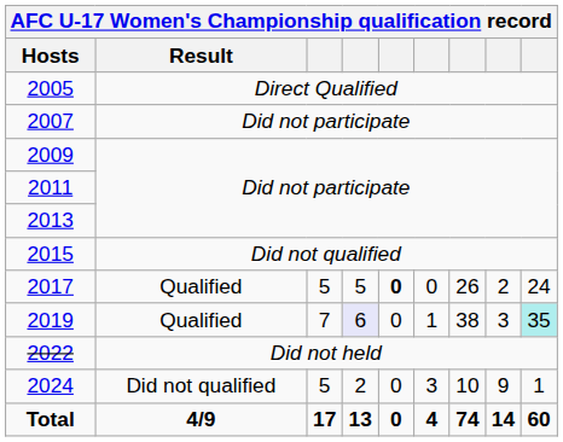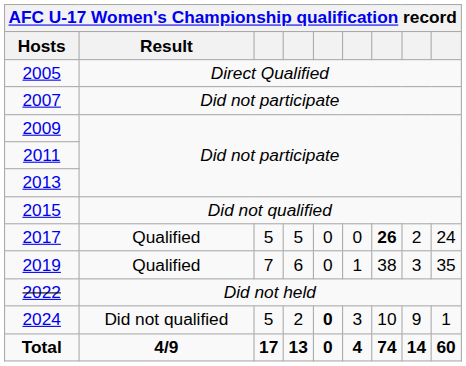 <table class="wikitable" style="text-align: center;">
 <tr>
 <th colspan=9><a href='#'>AFC U-17 Women's Championship qualification</a> record</th>
 </tr>
 <tr>
 <th>Hosts</th>
 <th>Result</th>
 <th width=20></th>
 <th width=20></th>
 <th width=20></th>
 <th width=20></th>
 <th width=20></th>
 <th width=20></th>
 <th width=20></th>
 </tr>
 <tr>
 <td> <a href='#'>2005</a></td>
 <td colspan=10><em>Direct Qualified</em></td>
 </tr>
 <tr>
 <td> <a href='#'>2007</a></td>
 <td colspan=8><em>Did not participate</em></td>
 </tr>
 <tr>
 <td> <a href='#'>2009</a></td>
 <td rowspan=3 colspan=8><em>Did not participate</em></td>
 </tr>
 <tr>
 <td> <a href='#'>2011</a></td>
 </tr>
 <tr>
 <td> <a href='#'>2013</a></td>
 </tr>
 <tr>
 <td> <a href='#'>2015</a></td>
 <td colspan=8><em>Did not qualified</em></td>
 </tr>
 <tr>
 <td> <a href='#'>2017</a></td>
 <td>Qualified</td>
 <td>5</td>
 <td>5</td>
-<td><strong>0</strong></td>
 <td>0</td>
-<td>26</td>
+<td>0</td>
+<td><strong>26</strong></td>
 <td>2</td>
 <td>24</td>
 </tr>
 <tr>
 <td> <a href='#'>2019</a></td>
 <td>Qualified</td>
 <td>7</td>
-<td style="background: lavender;">6</td>
+<td>6</td>
 <td>0</td>
 <td>1</td>
 <td>38</td>
 <td>3</td>
-<td style="background: paleturquoise;">35</td>
+<td>35</td>
 </tr>
 <tr>
 <td> <s><a href='#'>2022</a></s></td>
 <td colspan=8><em>Did not held</em></td>
 </tr>
 <tr>
 <td> <a href='#'>2024</a></td>
 <td>Did not qualified</td>
 <td>5</td>
 <td>2</td>
-<td>0</td>
+<td><strong>0</strong></td>
 <td>3</td>
 <td>10</td>
 <td>9</td>
 <td>1</td>
 </tr>
 <tr>
 <td><strong>Total</strong></td>
 <td><strong>4/9</strong></td>
 <td><strong>17</strong></td>
 <td><strong>13</strong></td>
 <td><strong>0</strong></td>
 <td><strong>4</strong></td>
 <td><strong>74</strong></td>
 <td><strong>14</strong></td>
 <td><strong>60</strong></td>
 </tr>
 </table>
